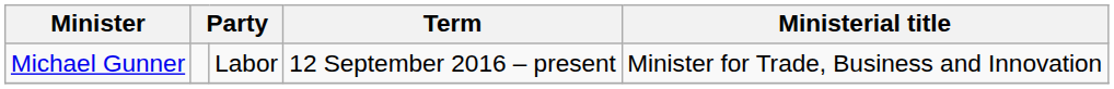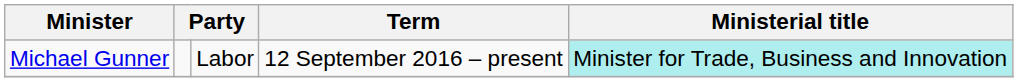 <table class="sortable wikitable">
 <tr>
 <th>Minister</th>
 <th colspan=2>Party</th>
 <th>Term </th>
 <th>Ministerial title</th>
 </tr>
 <tr>
 <td><a href='#'>Michael Gunner</a></td>
 <td> </td>
 <td>Labor</td>
 <td>12 September 2016 – present</td>
-<td>Minister for Trade, Business and Innovation</td>
+<td style="background: paleturquoise;">Minister for Trade, Business and Innovation</td>
 </tr>
 <tr>
 </tr>
 </table>
